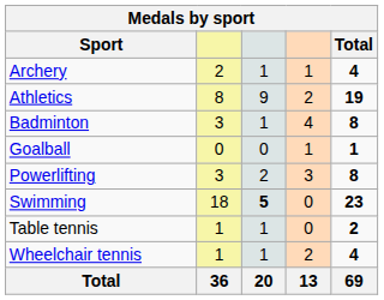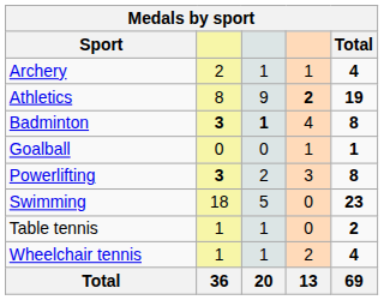 <table class="wikitable" style=font-size:85%;float:center;text-align:center>
 <tr>
 <th colspan=6><strong>Medals by sport</strong></th>
 </tr>
 <tr>
 <th width=150>Sport</th>
 <th scope="col" width=30 style="background:#F7F6A8;"></th>
 <th scope="col" width=30 style="background:#DCE5E5;"></th>
 <th scope="col" width=30 style="background:#FFDAB9;"></th>
 <th width=30>Total</th>
 </tr>
 <tr>
 <td align=left><a href='#'>Archery</a></td>
 <td style="background:#F7F6A8;">2</td>
 <td style="background:#DCE5E5;">1</td>
 <td style="background:#FFDAB9;">1</td>
 <td><strong>4</strong></td>
 </tr>
 <tr>
 <td align=left><a href='#'>Athletics</a></td>
 <td style="background:#F7F6A8;">8</td>
 <td style="background:#DCE5E5;">9</td>
-<td style="background:#FFDAB9;">2</td>
+<td style="background:#FFDAB9;"><strong>2</strong></td>
 <td><strong>19</strong></td>
 </tr>
 <tr>
 <td align=left><a href='#'>Badminton</a></td>
-<td style="background:#F7F6A8;">3</td>
-<td style="background:#DCE5E5;">1</td>
+<td style="background:#F7F6A8;"><strong>3</strong></td>
+<td style="background:#DCE5E5;"><strong>1</strong></td>
 <td style="background:#FFDAB9;">4</td>
 <td><strong>8</strong></td>
 </tr>
 <tr>
 <td align=left><a href='#'>Goalball</a></td>
 <td style="background:#F7F6A8;">0</td>
 <td style="background:#DCE5E5;">0</td>
 <td style="background:#FFDAB9;">1</td>
 <td><strong>1</strong></td>
 </tr>
 <tr>
 <td align=left><a href='#'>Powerlifting</a></td>
-<td style="background:#F7F6A8;">3</td>
+<td style="background:#F7F6A8;"><strong>3</strong></td>
 <td style="background:#DCE5E5;">2</td>
 <td style="background:#FFDAB9;">3</td>
 <td><strong>8</strong></td>
 </tr>
 <tr>
 <td align=left><a href='#'>Swimming</a></td>
 <td style="background:#F7F6A8;">18</td>
-<td style="background:#DCE5E5;"><strong>5</strong></td>
+<td style="background:#DCE5E5;">5</td>
 <td style="background:#FFDAB9;">0</td>
 <td><strong>23</strong></td>
 </tr>
 <tr>
 <td align=left>Table tennis</td>
 <td style="background:#F7F6A8;">1</td>
 <td style="background:#DCE5E5;">1</td>
 <td style="background:#FFDAB9;">0</td>
 <td><strong>2</strong></td>
 </tr>
 <tr>
 <td align=left><a href='#'>Wheelchair tennis</a></td>
 <td style="background:#F7F6A8;">1</td>
 <td style="background:#DCE5E5;">1</td>
 <td style="background:#FFDAB9;">2</td>
 <td><strong>4</strong></td>
 </tr>
 <tr class="sortbottom">
 <th>Total</th>
 <th><strong>36</strong></th>
 <th><strong>20</strong></th>
 <th><strong>13</strong></th>
 <th><strong>69</strong></th>
 </tr>
 </table>
